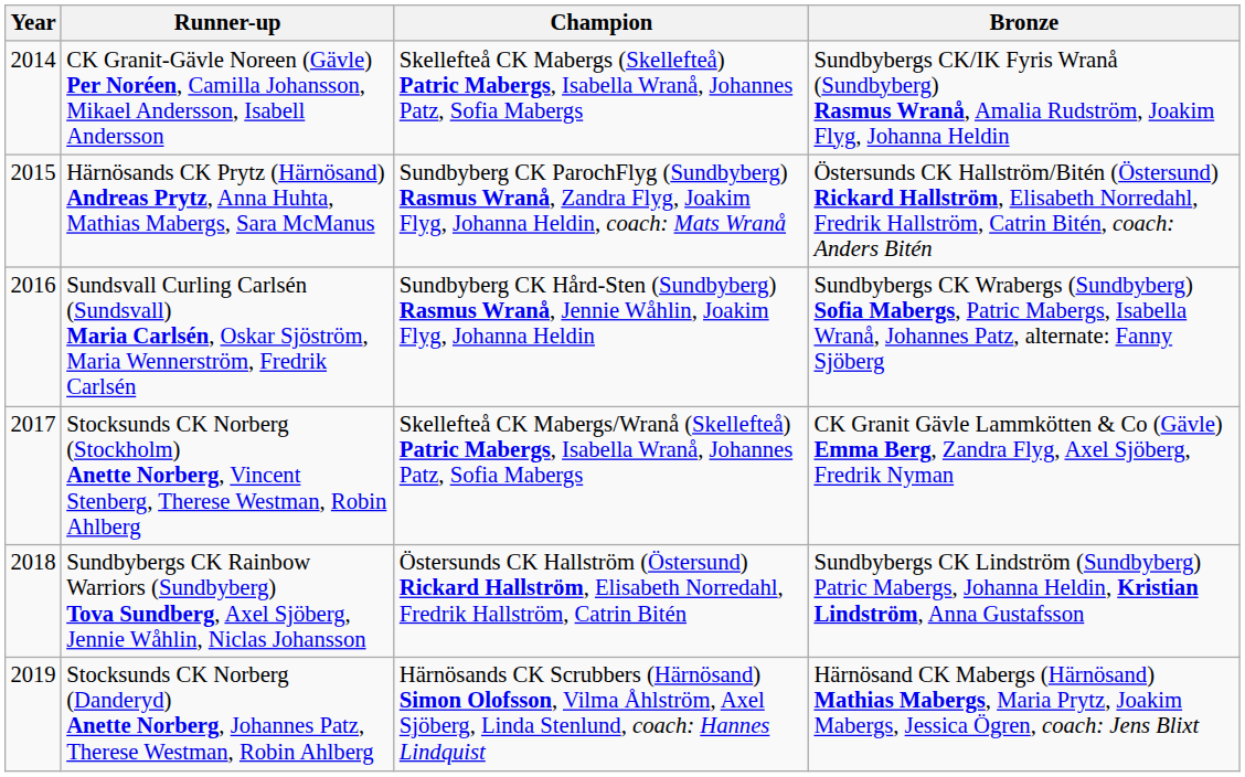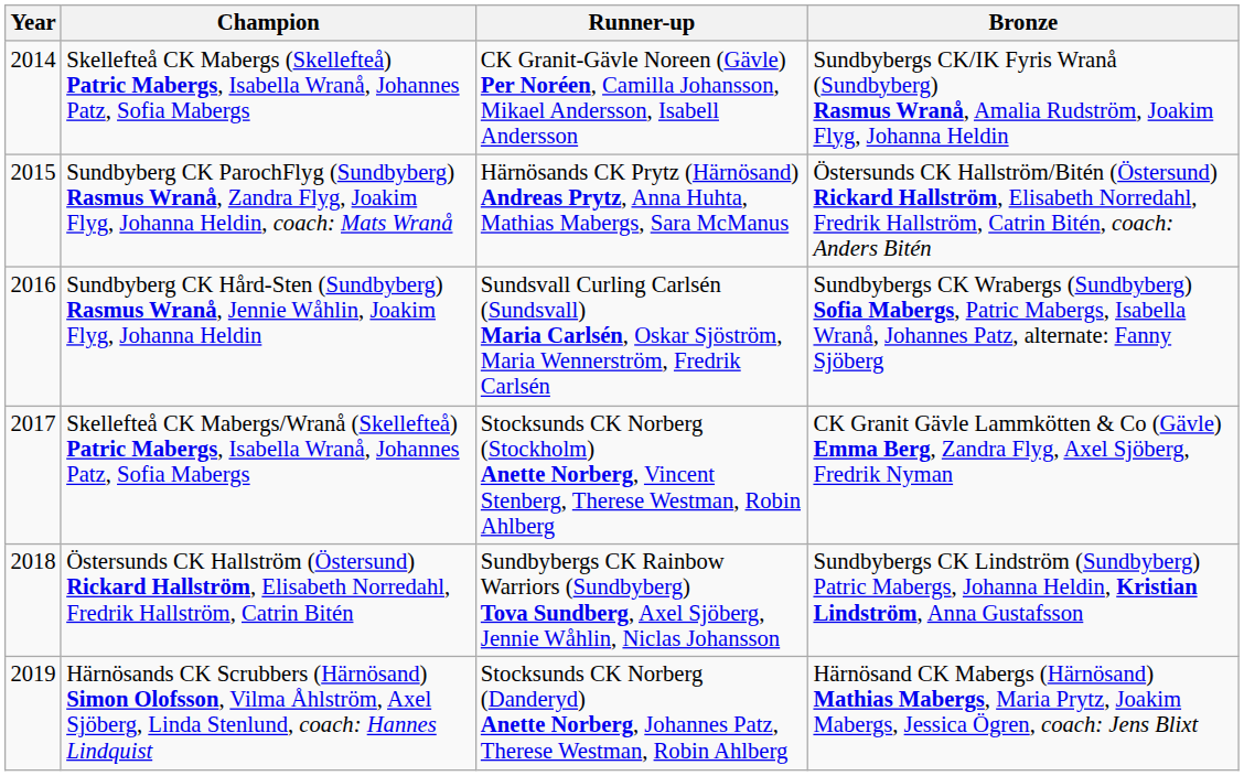 <table class="wikitable">
 <tr>
 <th>Year</th>
+<th>Champion</th>
 <th>Runner-up</th>
-<th>Champion</th>
 <th>Bronze</th>
 </tr>
 <tr valign="top">
 <td align=center>2014</td>
+<td>Skellefteå CK Mabergs (<a href='#'>Skellefteå</a>)<br><strong><a href='#'>Patric Mabergs</a></strong>, <a href='#'>Isabella Wranå</a>, <a href='#'>Johannes Patz</a>, <a href='#'>Sofia Mabergs</a></td>
 <td>CK Granit-Gävle Noreen (<a href='#'>Gävle</a>)<br><strong><a href='#'>Per Noréen</a></strong>, <a href='#'>Camilla Johansson</a>, <a href='#'>Mikael Andersson</a>, <a href='#'>Isabell Andersson</a></td>
-<td>Skellefteå CK Mabergs (<a href='#'>Skellefteå</a>)<br><strong><a href='#'>Patric Mabergs</a></strong>, <a href='#'>Isabella Wranå</a>, <a href='#'>Johannes Patz</a>, <a href='#'>Sofia Mabergs</a></td>
 <td>Sundbybergs CK/IK Fyris Wranå (<a href='#'>Sundbyberg</a>)<br><strong><a href='#'>Rasmus Wranå</a></strong>, <a href='#'>Amalia Rudström</a>, <a href='#'>Joakim Flyg</a>, <a href='#'>Johanna Heldin</a></td>
 </tr>
 <tr valign="top">
 <td align=center>2015</td>
+<td>Sundbyberg CK ParochFlyg (<a href='#'>Sundbyberg</a>)<br><strong><a href='#'>Rasmus Wranå</a></strong>, <a href='#'>Zandra Flyg</a>, <a href='#'>Joakim Flyg</a>, <a href='#'>Johanna Heldin</a>, <em>coach: <a href='#'>Mats Wranå</a></em></td>
 <td>Härnösands CK Prytz (<a href='#'>Härnösand</a>)<br><strong><a href='#'>Andreas Prytz</a></strong>, <a href='#'>Anna Huhta</a>, <a href='#'>Mathias Mabergs</a>, <a href='#'>Sara McManus</a></td>
-<td>Sundbyberg CK ParochFlyg (<a href='#'>Sundbyberg</a>)<br><strong><a href='#'>Rasmus Wranå</a></strong>, <a href='#'>Zandra Flyg</a>, <a href='#'>Joakim Flyg</a>, <a href='#'>Johanna Heldin</a>, <em>coach: <a href='#'>Mats Wranå</a></em></td>
 <td>Östersunds CK Hallström/Bitén (<a href='#'>Östersund</a>)<br><strong><a href='#'>Rickard Hallström</a></strong>, <a href='#'>Elisabeth Norredahl</a>, <a href='#'>Fredrik Hallström</a>, <a href='#'>Catrin Bitén</a>, <em>coach: Anders Bitén</em></td>
 </tr>
 <tr valign="top">
 <td align=center>2016</td>
+<td>Sundbyberg CK Hård-Sten (<a href='#'>Sundbyberg</a>)<br><strong><a href='#'>Rasmus Wranå</a></strong>, <a href='#'>Jennie Wåhlin</a>, <a href='#'>Joakim Flyg</a>, <a href='#'>Johanna Heldin</a></td>
 <td>Sundsvall Curling Carlsén (<a href='#'>Sundsvall</a>)<br><strong><a href='#'>Maria Carlsén</a></strong>, <a href='#'>Oskar Sjöström</a>, <a href='#'>Maria Wennerström</a>, <a href='#'>Fredrik Carlsén</a></td>
-<td>Sundbyberg CK Hård-Sten (<a href='#'>Sundbyberg</a>)<br><strong><a href='#'>Rasmus Wranå</a></strong>, <a href='#'>Jennie Wåhlin</a>, <a href='#'>Joakim Flyg</a>, <a href='#'>Johanna Heldin</a></td>
 <td>Sundbybergs CK Wrabergs (<a href='#'>Sundbyberg</a>)<br><strong><a href='#'>Sofia Mabergs</a></strong>, <a href='#'>Patric Mabergs</a>, <a href='#'>Isabella Wranå</a>, <a href='#'>Johannes Patz</a>, alternate: <a href='#'>Fanny Sjöberg</a></td>
 </tr>
 <tr valign="top">
 <td align=center>2017</td>
+<td>Skellefteå CK Mabergs/Wranå (<a href='#'>Skellefteå</a>)<br><strong><a href='#'>Patric Mabergs</a></strong>, <a href='#'>Isabella Wranå</a>, <a href='#'>Johannes Patz</a>, <a href='#'>Sofia Mabergs</a></td>
 <td>Stocksunds CK Norberg (<a href='#'>Stockholm</a>)<br><strong><a href='#'>Anette Norberg</a></strong>, <a href='#'>Vincent Stenberg</a>, <a href='#'>Therese Westman</a>, <a href='#'>Robin Ahlberg</a></td>
-<td>Skellefteå CK Mabergs/Wranå (<a href='#'>Skellefteå</a>)<br><strong><a href='#'>Patric Mabergs</a></strong>, <a href='#'>Isabella Wranå</a>, <a href='#'>Johannes Patz</a>, <a href='#'>Sofia Mabergs</a></td>
 <td>CK Granit Gävle Lammkötten & Co (<a href='#'>Gävle</a>)<br><strong><a href='#'>Emma Berg</a></strong>, <a href='#'>Zandra Flyg</a>, <a href='#'>Axel Sjöberg</a>, <a href='#'>Fredrik Nyman</a></td>
 </tr>
 <tr valign="top">
 <td align=center>2018</td>
+<td>Östersunds CK Hallström (<a href='#'>Östersund</a>)<br><strong><a href='#'>Rickard Hallström</a></strong>, <a href='#'>Elisabeth Norredahl</a>, <a href='#'>Fredrik Hallström</a>, <a href='#'>Catrin Bitén</a></td>
 <td>Sundbybergs CK Rainbow Warriors (<a href='#'>Sundbyberg</a>)<br><strong><a href='#'>Tova Sundberg</a></strong>, <a href='#'>Axel Sjöberg</a>, <a href='#'>Jennie Wåhlin</a>, <a href='#'>Niclas Johansson</a></td>
-<td>Östersunds CK Hallström (<a href='#'>Östersund</a>)<br><strong><a href='#'>Rickard Hallström</a></strong>, <a href='#'>Elisabeth Norredahl</a>, <a href='#'>Fredrik Hallström</a>, <a href='#'>Catrin Bitén</a></td>
 <td>Sundbybergs CK Lindström (<a href='#'>Sundbyberg</a>)<br><a href='#'>Patric Mabergs</a>, <a href='#'>Johanna Heldin</a>, <strong><a href='#'>Kristian Lindström</a></strong>, <a href='#'>Anna Gustafsson</a></td>
 </tr>
 <tr valign="top">
 <td align=center>2019</td>
+<td>Härnösands CK Scrubbers (<a href='#'>Härnösand</a>)<br><strong><a href='#'>Simon Olofsson</a></strong>, <a href='#'>Vilma Åhlström</a>, <a href='#'>Axel Sjöberg</a>, <a href='#'>Linda Stenlund</a>, <em>coach: <a href='#'>Hannes Lindquist</a></em></td>
 <td>Stocksunds CK Norberg (<a href='#'>Danderyd</a>)<br><strong><a href='#'>Anette Norberg</a></strong>, <a href='#'>Johannes Patz</a>, <a href='#'>Therese Westman</a>, <a href='#'>Robin Ahlberg</a></td>
-<td>Härnösands CK Scrubbers (<a href='#'>Härnösand</a>)<br><strong><a href='#'>Simon Olofsson</a></strong>, <a href='#'>Vilma Åhlström</a>, <a href='#'>Axel Sjöberg</a>, <a href='#'>Linda Stenlund</a>, <em>coach: <a href='#'>Hannes Lindquist</a></em></td>
 <td>Härnösand CK Mabergs (<a href='#'>Härnösand</a>)<br><strong><a href='#'>Mathias Mabergs</a></strong>, <a href='#'>Maria Prytz</a>, <a href='#'>Joakim Mabergs</a>, <a href='#'>Jessica Ögren</a>, <em>coach: Jens Blixt</em></td>
 </tr>
 </table>
